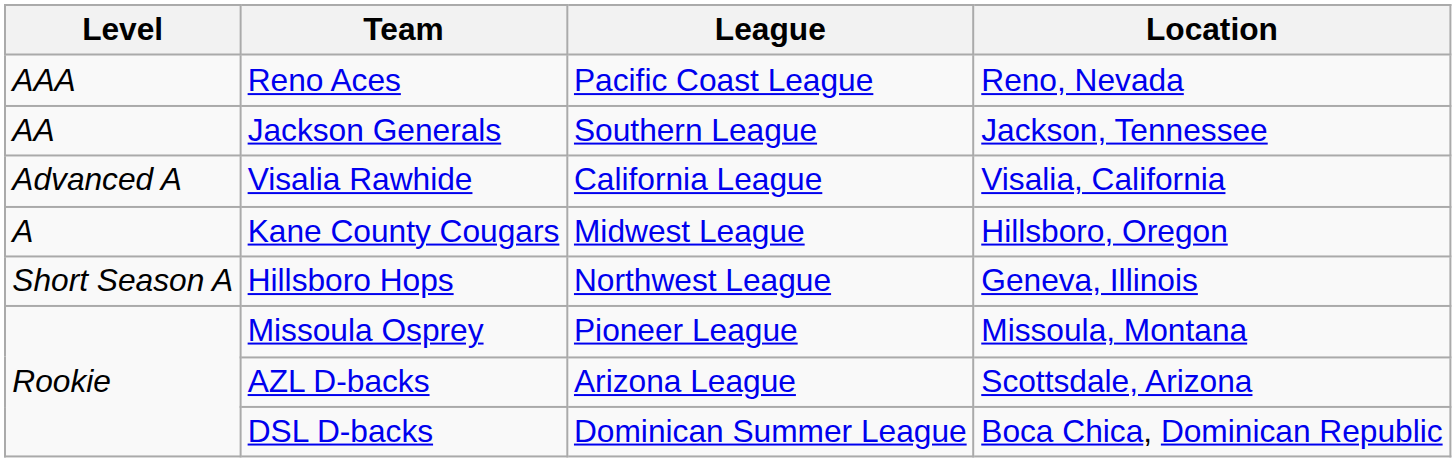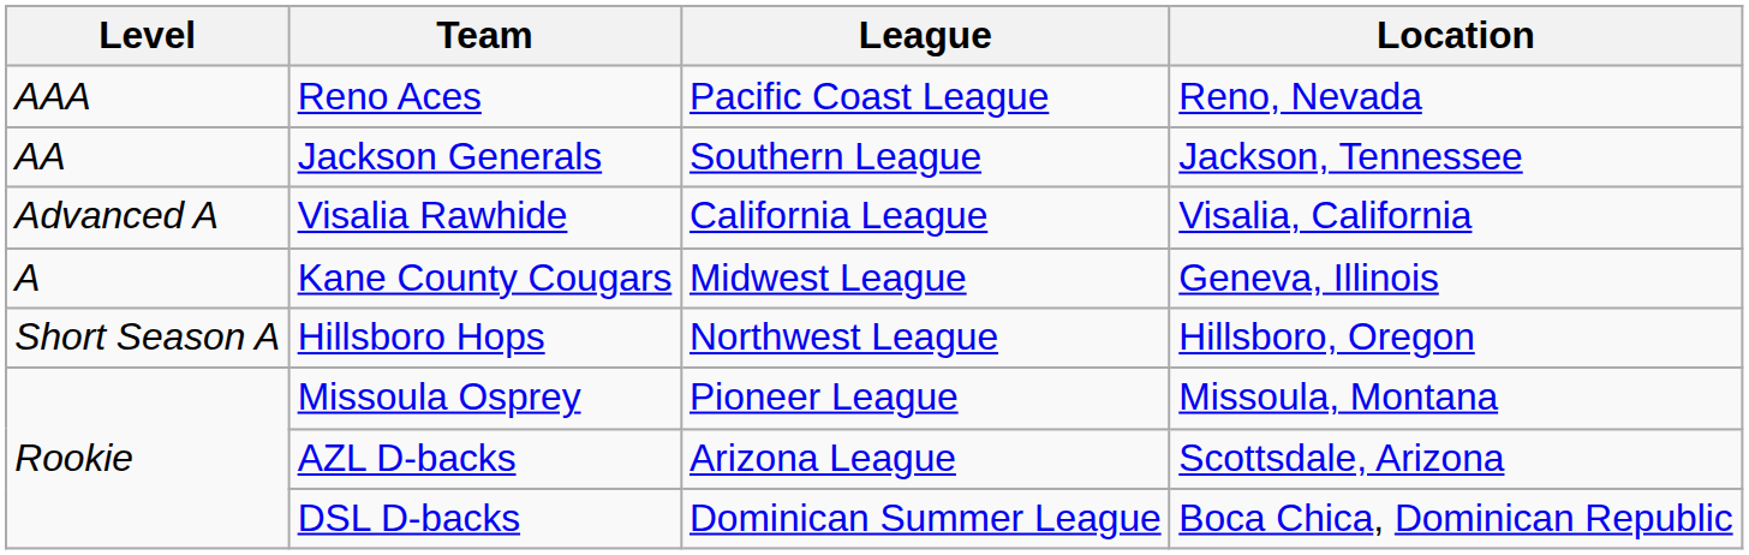 <table class="wikitable">
 <tr>
 <th style="text-align:center; ">Level</th>
 <th style="text-align:center; ">Team</th>
 <th style="text-align:center; ">League</th>
 <th style="text-align:center; ">Location</th>
 </tr>
 <tr>
 <td><em>AAA</em></td>
 <td><a href='#'>Reno Aces</a></td>
 <td><a href='#'>Pacific Coast League</a></td>
 <td><a href='#'>Reno, Nevada</a></td>
 </tr>
 <tr>
 <td><em>AA</em></td>
 <td><a href='#'>Jackson Generals</a></td>
 <td><a href='#'>Southern League</a></td>
 <td><a href='#'>Jackson, Tennessee</a></td>
 </tr>
 <tr>
 <td><em>Advanced A</em></td>
 <td><a href='#'>Visalia Rawhide</a></td>
 <td><a href='#'>California League</a></td>
 <td><a href='#'>Visalia, California</a></td>
 </tr>
 <tr>
 <td><em>A</em></td>
 <td><a href='#'>Kane County Cougars</a></td>
 <td><a href='#'>Midwest League</a></td>
-<td><a href='#'>Hillsboro, Oregon</a></td>
+<td><a href='#'>Geneva, Illinois</a></td>
 </tr>
 <tr>
 <td><em>Short Season A</em></td>
 <td><a href='#'>Hillsboro Hops</a></td>
 <td><a href='#'>Northwest League</a></td>
-<td><a href='#'>Geneva, Illinois</a></td>
+<td><a href='#'>Hillsboro, Oregon</a></td>
 </tr>
 <tr>
 <td rowspan=4><em>Rookie</em></td>
 <td><a href='#'>Missoula Osprey</a></td>
 <td><a href='#'>Pioneer League</a></td>
 <td><a href='#'>Missoula, Montana</a></td>
 </tr>
 <tr>
 <td><a href='#'>AZL D-backs</a></td>
 <td><a href='#'>Arizona League</a></td>
 <td><a href='#'>Scottsdale, Arizona</a></td>
 </tr>
 <tr>
 <td><a href='#'>DSL D-backs</a></td>
 <td><a href='#'>Dominican Summer League</a></td>
 <td><a href='#'>Boca Chica</a>, <a href='#'>Dominican Republic</a></td>
 </tr>
 </table>
